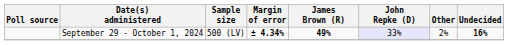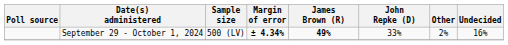 <table class="wikitable" style="font-size:90%;text-align:center;">
 <tr valign=bottom>
 <th>Poll source</th>
 <th>Date(s)<br>administered</th>
 <th>Sample<br>size</th>
 <th>Margin<br>of error</th>
 <th style="width:100px;">James<br>Brown (R)</th>
 <th style="width:100px;">John<br>Repke (D)</th>
 <th>Other</th>
 <th>Undecided</th>
 </tr>
 <tr>
 <td style="text-align:left"></td>
 <td>September 29 - October 1, 2024</td>
 <td>500 (LV)</td>
 <td><strong>± 4.34%</strong></td>
 <td><strong>49%</strong></td>
-<td style="background: lavender;">33%</td>
+<td>33%</td>
 <td>2%</td>
-<td><strong>16%</strong></td>
+<td>16%</td>
 </tr>
 <tr>
 </tr>
 </table>
